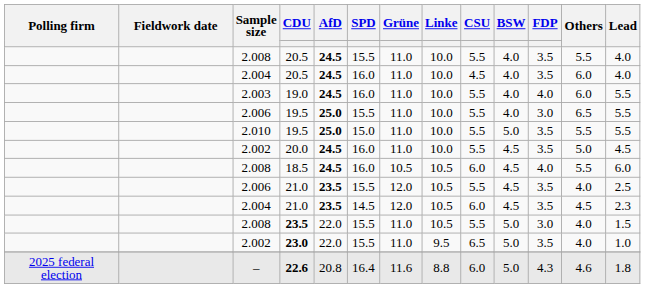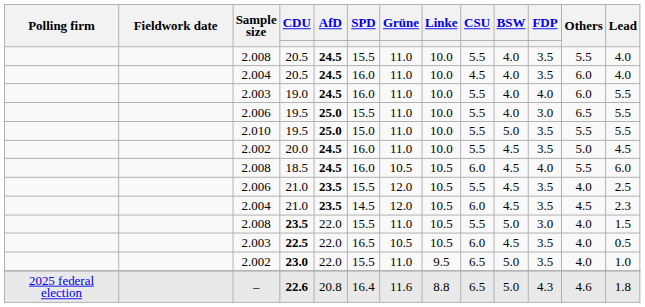 <table class="wikitable sortable mw-datatable mw-collapsible" style="text-align:center;font-size:90%;line-height:14px;">
 <tr style="height:40px;">
 <th style="width:120px;" rowspan="2">Polling firm</th>
 <th style="width:120px;" rowspan="2">Fieldwork date</th>
 <th style="width: 35px;" rowspan="2">Sample<br>size</th>
 <th class="unsortable" style="width:30px;"><a href='#'>CDU</a></th>
 <th class="unsortable" style="width:30px;"><a href='#'>AfD</a></th>
 <th class="unsortable" style="width:30px;"><a href='#'>SPD</a></th>
 <th class="unsortable" style="width:30px;"><a href='#'>Grüne</a></th>
 <th class="unsortable" style="width:30px;"><a href='#'>Linke</a></th>
 <th class="unsortable" style="width:30px;"><a href='#'>CSU</a></th>
 <th class="unsortable" style="width:30px;"><a href='#'>BSW</a></th>
 <th class="unsortable" style="width:30px;"><a href='#'>FDP</a></th>
 <th class="unsortable" style="width:30px;" rowspan="2">Others</th>
 <th style="width:30px;" rowspan="2">Lead</th>
 </tr>
 <tr>
 <th style="background:"></th>
 <th style="background:"></th>
 <th style="background:"></th>
 <th style="background:"></th>
 <th style="background:"></th>
 <th style="background:"></th>
 <th style="background:"></th>
 <th style="background:"></th>
 </tr>
 <tr>
 <td></td>
 <td></td>
 <td>2.008</td>
 <td>20.5</td>
 <td><strong>24.5</strong></td>
 <td>15.5</td>
 <td>11.0</td>
 <td>10.0</td>
 <td>5.5</td>
 <td>4.0</td>
 <td>3.5</td>
 <td>5.5</td>
 <td style="background:">4.0</td>
 </tr>
 <tr>
 <td></td>
 <td></td>
 <td>2.004</td>
 <td>20.5</td>
 <td><strong>24.5</strong></td>
 <td>16.0</td>
 <td>11.0</td>
 <td>10.0</td>
 <td>4.5</td>
 <td>4.0</td>
 <td>3.5</td>
 <td>6.0</td>
 <td style="background:">4.0</td>
 </tr>
 <tr>
 <td></td>
 <td></td>
 <td>2.003</td>
 <td>19.0</td>
 <td><strong>24.5</strong></td>
 <td>16.0</td>
 <td>11.0</td>
 <td>10.0</td>
 <td>5.5</td>
 <td>4.0</td>
 <td>4.0</td>
 <td>6.0</td>
 <td style="background:">5.5</td>
 </tr>
 <tr>
 <td></td>
 <td></td>
 <td>2.006</td>
 <td>19.5</td>
 <td><strong>25.0</strong></td>
 <td>15.5</td>
 <td>11.0</td>
 <td>10.0</td>
 <td>5.5</td>
 <td>4.0</td>
 <td>3.0</td>
 <td>6.5</td>
 <td style="background:">5.5</td>
 </tr>
 <tr>
 <td></td>
 <td></td>
 <td>2.010</td>
 <td>19.5</td>
 <td><strong>25.0</strong></td>
 <td>15.0</td>
 <td>11.0</td>
 <td>10.0</td>
 <td>5.5</td>
 <td>5.0</td>
 <td>3.5</td>
 <td>5.5</td>
 <td style="background:">5.5</td>
 </tr>
 <tr>
 <td></td>
 <td></td>
 <td>2.002</td>
 <td>20.0</td>
 <td><strong>24.5</strong></td>
 <td>16.0</td>
 <td>11.0</td>
 <td>10.0</td>
 <td>5.5</td>
 <td>4.5</td>
 <td>3.5</td>
 <td>5.0</td>
 <td style="background:">4.5</td>
 </tr>
 <tr>
 <td></td>
 <td></td>
 <td>2.008</td>
 <td>18.5</td>
 <td><strong>24.5</strong></td>
 <td>16.0</td>
 <td>10.5</td>
 <td>10.5</td>
 <td>6.0</td>
 <td>4.5</td>
 <td>4.0</td>
 <td>5.5</td>
 <td style="background:">6.0</td>
 </tr>
 <tr>
 <td></td>
 <td></td>
 <td>2.006</td>
 <td>21.0</td>
 <td><strong>23.5</strong></td>
 <td>15.5</td>
 <td>12.0</td>
 <td>10.5</td>
 <td>5.5</td>
 <td>4.5</td>
 <td>3.5</td>
 <td>4.0</td>
 <td style="background:">2.5</td>
 </tr>
 <tr>
 <td></td>
 <td></td>
 <td>2.004</td>
 <td>21.0</td>
 <td><strong>23.5</strong></td>
 <td>14.5</td>
 <td>12.0</td>
 <td>10.5</td>
 <td>6.0</td>
 <td>4.5</td>
 <td>3.5</td>
 <td>4.5</td>
 <td style="background:">2.3</td>
 </tr>
 <tr>
 <td></td>
 <td></td>
 <td>2.008</td>
 <td><strong>23.5</strong></td>
 <td>22.0</td>
 <td>15.5</td>
 <td>11.0</td>
 <td>10.5</td>
 <td>5.5</td>
 <td>5.0</td>
 <td>3.0</td>
 <td>4.0</td>
 <td style="background:">1.5</td>
 </tr>
 <tr>
 <td></td>
 <td></td>
+<td>2.003</td>
+<td><strong>22.5</strong></td>
+<td>22.0</td>
+<td>16.5</td>
+<td>10.5</td>
+<td>10.5</td>
+<td>6.0</td>
+<td>4.5</td>
+<td>3.5</td>
+<td>4.0</td>
+<td style="background:">0.5</td>
+</tr>
+<tr>
+<td></td>
+<td></td>
 <td>2.002</td>
 <td><strong>23.0</strong></td>
 <td>22.0</td>
 <td>15.5</td>
 <td>11.0</td>
 <td>9.5</td>
 <td>6.5</td>
 <td>5.0</td>
 <td>3.5</td>
 <td>4.0</td>
 <td style="background:">1.0</td>
 </tr>
 <tr>
 </tr>
 <tr style="background:#E9E9E9;">
 <td><a href='#'>2025 federal election</a></td>
 <td></td>
 <td>–</td>
 <td><strong>22.6</strong></td>
 <td>20.8</td>
 <td>16.4</td>
 <td>11.6</td>
 <td>8.8</td>
-<td>6.0</td>
+<td>6.5</td>
 <td>5.0</td>
 <td>4.3</td>
 <td>4.6</td>
 <td style="background:">1.8</td>
 </tr>
 </table>
